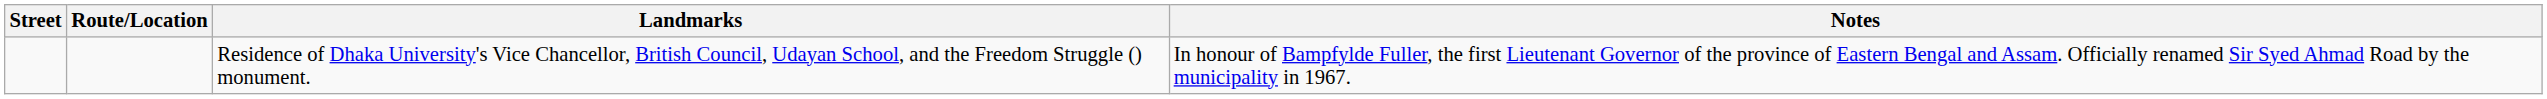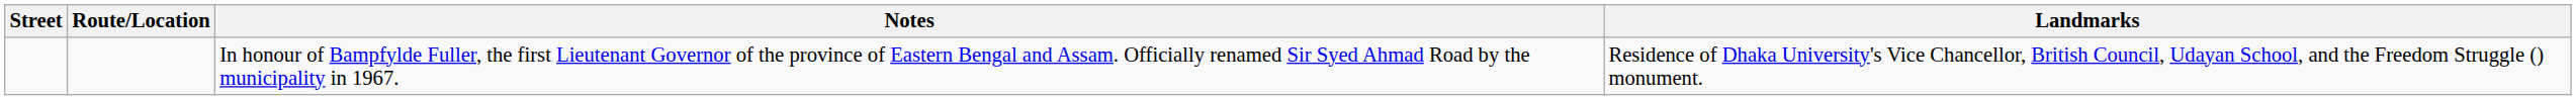 <table class="wikitable">
 <tr>
 <th>Street</th>
 <th>Route/Location</th>
+<th>Notes</th>
 <th>Landmarks</th>
-<th>Notes</th>
 </tr>
 <tr>
 <td></td>
 <td></td>
+<td>In honour of <a href='#'>Bampfylde Fuller</a>, the first <a href='#'>Lieutenant Governor</a> of the province of <a href='#'>Eastern Bengal and Assam</a>. Officially renamed <a href='#'>Sir Syed Ahmad</a> Road by the <a href='#'>municipality</a> in 1967.</td>
 <td>Residence of <a href='#'>Dhaka University</a>'s Vice Chancellor, <a href='#'>British Council</a>, <a href='#'>Udayan School</a>, and the Freedom Struggle () monument.</td>
-<td>In honour of <a href='#'>Bampfylde Fuller</a>, the first <a href='#'>Lieutenant Governor</a> of the province of <a href='#'>Eastern Bengal and Assam</a>. Officially renamed <a href='#'>Sir Syed Ahmad</a> Road by the <a href='#'>municipality</a> in 1967.</td>
 </tr>
 </table>
